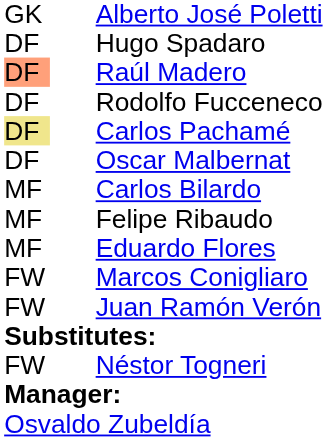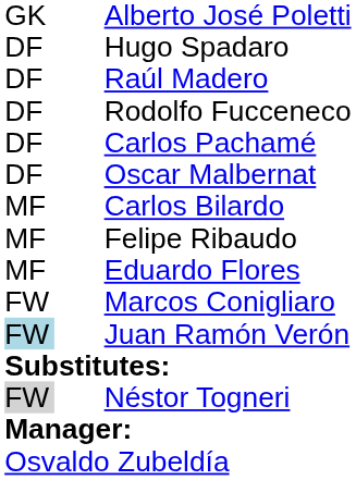 <table cellspacing="0" cellpadding="0" style="font-size:90%; margin:0.2em auto;">
 <tr>
 <th width="25"></th>
 <th width="25"></th>
 </tr>
 <tr>
 <td>GK</td>
 <td></td>
 <td> <a href='#'>Alberto José Poletti</a></td>
 </tr>
 <tr>
 <td>DF</td>
 <td></td>
 <td> Hugo Spadaro</td>
 </tr>
 <tr>
-<td style="background: lightsalmon;">DF</td>
+<td>DF</td>
 <td></td>
 <td> <a href='#'>Raúl Madero</a></td>
 </tr>
 <tr>
 <td>DF</td>
 <td></td>
 <td> Rodolfo Fucceneco</td>
 </tr>
 <tr>
-<td style="background: khaki;">DF</td>
+<td>DF</td>
 <td></td>
 <td> <a href='#'>Carlos Pachamé</a></td>
 </tr>
 <tr>
 <td>DF</td>
 <td></td>
 <td> <a href='#'>Oscar Malbernat</a></td>
 </tr>
 <tr>
 <td>MF</td>
 <td></td>
 <td> <a href='#'>Carlos Bilardo</a></td>
 </tr>
 <tr>
 <td>MF</td>
 <td></td>
 <td> Felipe Ribaudo</td>
 </tr>
 <tr>
 <td>MF</td>
 <td></td>
 <td> <a href='#'>Eduardo Flores</a> </td>
 </tr>
 <tr>
 <td>FW</td>
 <td></td>
 <td> <a href='#'>Marcos Conigliaro</a></td>
 </tr>
 <tr>
-<td>FW</td>
+<td style="background: lightblue;">FW</td>
 <td></td>
 <td> <a href='#'>Juan Ramón Verón</a></td>
 </tr>
 <tr>
 <td colspan=3><strong>Substitutes:</strong></td>
 </tr>
 <tr>
-<td>FW</td>
+<td style="background: lightgrey;">FW</td>
 <td></td>
 <td> <a href='#'>Néstor Togneri</a> </td>
 </tr>
 <tr>
 <td colspan=3><strong>Manager:</strong></td>
 </tr>
 <tr>
 <td colspan=4> <a href='#'>Osvaldo Zubeldía</a></td>
 </tr>
 </table>
